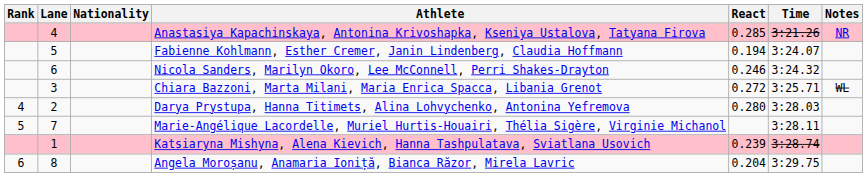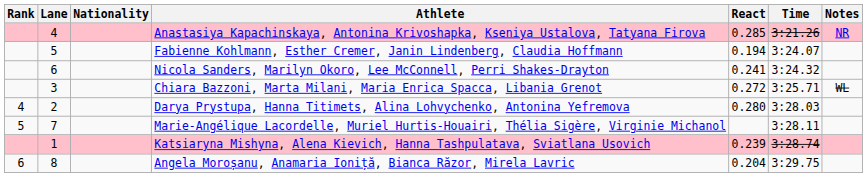 <table class="wikitable sortable" style="text-align:center">
 <tr>
 <th>Rank</th>
 <th>Lane</th>
 <th>Nationality</th>
 <th>Athlete</th>
 <th>React</th>
 <th>Time</th>
 <th>Notes</th>
 </tr>
 <tr bgcolor=pink>
 <td></td>
 <td>4</td>
 <td align=left></td>
 <td align=left><a href='#'>Anastasiya Kapachinskaya</a>, <a href='#'>Antonina Krivoshapka</a>, <a href='#'>Kseniya Ustalova</a>, <a href='#'>Tatyana Firova</a></td>
 <td>0.285</td>
 <td><s>3:21.26</s></td>
 <td><a href='#'>NR</a></td>
 </tr>
 <tr>
 <td></td>
 <td>5</td>
 <td align=left></td>
 <td align=left><a href='#'>Fabienne Kohlmann</a>, <a href='#'>Esther Cremer</a>, <a href='#'>Janin Lindenberg</a>, <a href='#'>Claudia Hoffmann</a></td>
 <td>0.194</td>
 <td>3:24.07</td>
 <td></td>
 </tr>
 <tr>
 <td></td>
 <td>6</td>
 <td align=left></td>
 <td align=left><a href='#'>Nicola Sanders</a>, <a href='#'>Marilyn Okoro</a>, <a href='#'>Lee McConnell</a>, <a href='#'>Perri Shakes-Drayton</a></td>
-<td>0.246</td>
+<td>0.241</td>
 <td>3:24.32</td>
 <td></td>
 </tr>
 <tr>
 <td></td>
 <td>3</td>
 <td align=left></td>
 <td align=left><a href='#'>Chiara Bazzoni</a>, <a href='#'>Marta Milani</a>, <a href='#'>Maria Enrica Spacca</a>, <a href='#'>Libania Grenot</a></td>
 <td>0.272</td>
 <td>3:25.71</td>
 <td><s>WL</s></td>
 </tr>
 <tr>
 <td>4</td>
 <td>2</td>
 <td align=left></td>
 <td align=left><a href='#'>Darya Prystupa</a>, <a href='#'>Hanna Titimets</a>, <a href='#'>Alina Lohvychenko</a>, <a href='#'>Antonina Yefremova</a></td>
 <td>0.280</td>
 <td>3:28.03</td>
 <td></td>
 </tr>
 <tr>
 <td>5</td>
 <td>7</td>
 <td align=left></td>
 <td align=left><a href='#'>Marie-Angélique Lacordelle</a>, <a href='#'>Muriel Hurtis-Houairi</a>, <a href='#'>Thélia Sigère</a>, <a href='#'>Virginie Michanol</a></td>
 <td></td>
 <td>3:28.11</td>
 <td></td>
 </tr>
 <tr bgcolor=pink>
 <td></td>
 <td>1</td>
 <td align=left></td>
 <td align=left><a href='#'>Katsiaryna Mishyna</a>, <a href='#'>Alena Kievich</a>, <a href='#'>Hanna Tashpulatava</a>, <a href='#'>Sviatlana Usovich</a></td>
 <td>0.239</td>
 <td><s>3:28.74</s></td>
 <td></td>
 </tr>
 <tr>
 <td>6</td>
 <td>8</td>
 <td align=left></td>
 <td align=left><a href='#'>Angela Moroșanu</a>, <a href='#'>Anamaria Ioniță</a>, <a href='#'>Bianca Răzor</a>, <a href='#'>Mirela Lavric</a></td>
 <td>0.204</td>
 <td>3:29.75</td>
 <td></td>
 </tr>
 </table>
